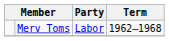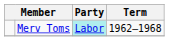 <table class="wikitable">
 <tr>
 <th colspan="2">Member</th>
 <th>Party</th>
 <th>Term</th>
 </tr>
 <tr>
 <td> </td>
 <td><a href='#'>Merv Toms</a></td>
-<td><a href='#'>Labor</a></td>
+<td style="background: paleturquoise;"><a href='#'>Labor</a></td>
 <td>1962–1968</td>
 </tr>
 <tr>
 </tr>
 </table>
